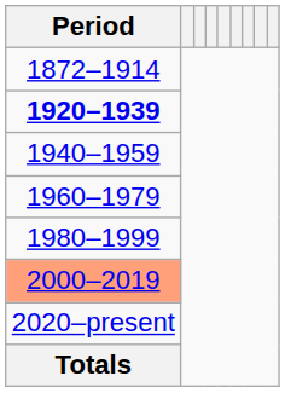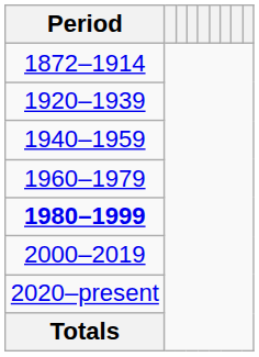 <table class="wikitable sortable" style="text-align:center;">
 <tr>
 <th>Period</th>
 <th></th>
 <th></th>
 <th></th>
 <th></th>
 <th></th>
 <th></th>
 <th></th>
 <th></th>
 </tr>
 <tr>
 <td><a href='#'>1872–1914</a><br></td>
 </tr>
 <tr>
-<td><strong><a href='#'>1920–1939</a><br></strong></td>
+<td><a href='#'>1920–1939</a><br></td>
 </tr>
 <tr>
 <td><a href='#'>1940–1959</a><br></td>
 </tr>
 <tr>
 <td><a href='#'>1960–1979</a><br></td>
 </tr>
 <tr>
-<td><a href='#'>1980–1999</a><br></td>
+<td><strong><a href='#'>1980–1999</a><br></strong></td>
 </tr>
 <tr>
-<td style="background: lightsalmon;"><a href='#'>2000–2019</a><br></td>
+<td><a href='#'>2000–2019</a><br></td>
 </tr>
 <tr>
 <td><a href='#'>2020–present</a><br></td>
 </tr>
 <tr>
 <th>Totals<br></th>
 </tr>
 </table>
